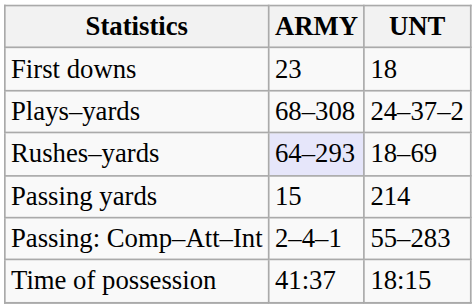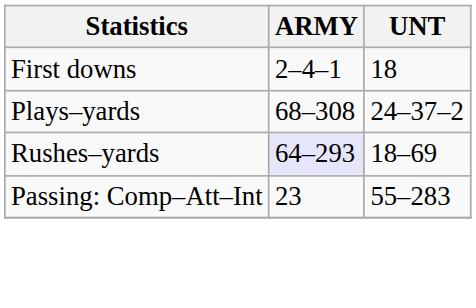 <table class="wikitable" style="float: left;">
 <tr>
 <th>Statistics</th>
 <th>ARMY</th>
 <th>UNT</th>
 </tr>
 <tr>
 <td>First downs</td>
-<td>23</td>
+<td>2–4–1</td>
 <td>18</td>
 </tr>
 <tr>
 <td>Plays–yards</td>
 <td>68–308</td>
 <td>24–37–2</td>
 </tr>
 <tr>
 <td>Rushes–yards</td>
 <td style="background: lavender;">64–293</td>
 <td>18–69</td>
 </tr>
 <tr>
-<td>Passing yards</td>
-<td>15</td>
-<td>214</td>
-</tr>
-<tr>
 <td>Passing: Comp–Att–Int</td>
-<td>2–4–1</td>
+<td>23</td>
 <td>55–283</td>
-</tr>
-<tr>
-<td>Time of possession</td>
-<td>41:37</td>
-<td>18:15</td>
 </tr>
 <tr>
 </tr>
 </table>
